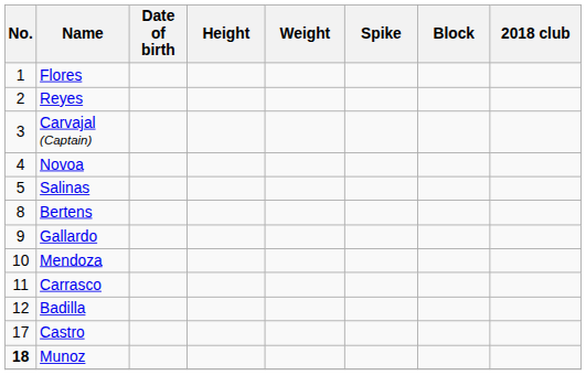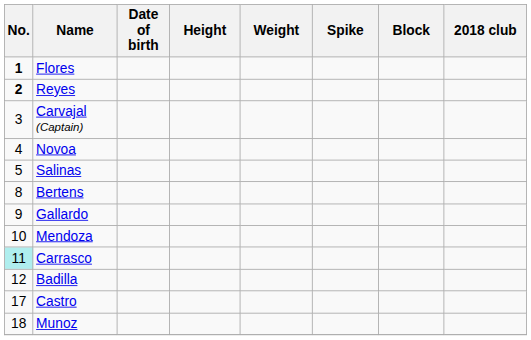 <table class="wikitable sortable" style="text-align:center;">
 <tr>
 <th>No.</th>
 <th style="width:12em">Name</th>
 <th style="width:8em">Date of birth</th>
 <th style="width:11em">Height</th>
 <th style="width:11em">Weight</th>
 <th style="width:11em">Spike</th>
 <th style="width:11em">Block</th>
 <th style="width:19em">2018 club</th>
 </tr>
 <tr>
-<td>1</td>
+<td><strong>1</strong></td>
 <td align=left><a href='#'>Flores</a></td>
 <td align=right></td>
 <td></td>
 <td></td>
 <td></td>
 <td></td>
 <td align=left></td>
 </tr>
 <tr>
-<td>2</td>
+<td><strong>2</strong></td>
 <td align=left><a href='#'>Reyes</a></td>
 <td align=right></td>
 <td></td>
 <td></td>
 <td></td>
 <td></td>
 <td align=left></td>
 </tr>
 <tr>
 <td>3</td>
 <td align=left><a href='#'>Carvajal</a> <small><em>(Captain)</em></small></td>
 <td align=right></td>
 <td></td>
 <td></td>
 <td></td>
 <td></td>
 <td align=left></td>
 </tr>
 <tr>
 <td>4</td>
 <td align=left><a href='#'>Novoa</a></td>
 <td align=right></td>
 <td></td>
 <td></td>
 <td></td>
 <td></td>
 <td align=left></td>
 </tr>
 <tr>
 <td>5</td>
 <td align=left><a href='#'>Salinas</a></td>
 <td align=right></td>
 <td></td>
 <td></td>
 <td></td>
 <td></td>
 <td align=left></td>
 </tr>
 <tr>
 <td>8</td>
 <td align=left><a href='#'>Bertens</a></td>
 <td align=right></td>
 <td></td>
 <td></td>
 <td></td>
 <td></td>
 <td align=left></td>
 </tr>
 <tr>
 <td>9</td>
 <td align=left><a href='#'>Gallardo</a></td>
 <td align=right></td>
 <td></td>
 <td></td>
 <td></td>
 <td></td>
 <td align=left></td>
 </tr>
 <tr>
 <td>10</td>
 <td align=left><a href='#'>Mendoza</a></td>
 <td align=right></td>
 <td></td>
 <td></td>
 <td></td>
 <td></td>
 <td align=left></td>
 </tr>
 <tr>
-<td>11</td>
+<td style="background: paleturquoise;">11</td>
 <td align=left><a href='#'>Carrasco</a></td>
 <td align=right></td>
 <td></td>
 <td></td>
 <td></td>
 <td></td>
 <td align=left></td>
 </tr>
 <tr>
 <td>12</td>
 <td align=left><a href='#'>Badilla</a></td>
 <td align=right></td>
 <td></td>
 <td></td>
 <td></td>
 <td></td>
 <td align=left></td>
 </tr>
 <tr>
 <td>17</td>
 <td align=left><a href='#'>Castro</a></td>
 <td align=right></td>
 <td></td>
 <td></td>
 <td></td>
 <td></td>
 <td align=left></td>
 </tr>
 <tr>
-<td><strong>18</strong></td>
+<td>18</td>
 <td align=left><a href='#'>Munoz</a></td>
 <td align=right></td>
 <td></td>
 <td></td>
 <td></td>
 <td></td>
 <td align=left></td>
 </tr>
 <tr>
 </tr>
 </table>
